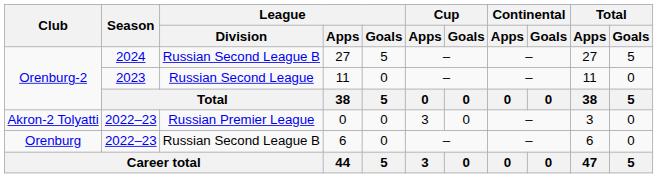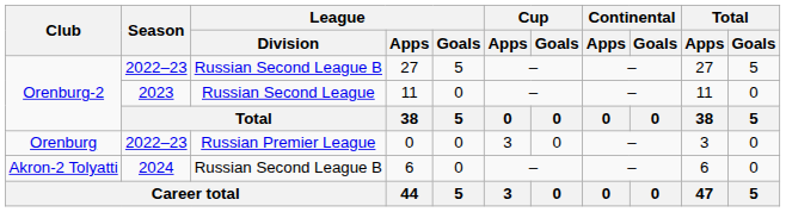 <table class="wikitable" style="text-align: center;">
 <tr>
 <th rowspan=2>Club</th>
 <th rowspan=2>Season</th>
 <th colspan=3>League</th>
 <th colspan=2>Cup</th>
 <th colspan=2>Continental</th>
 <th colspan=2>Total</th>
 </tr>
 <tr>
 <th>Division</th>
 <th>Apps</th>
 <th>Goals</th>
 <th>Apps</th>
 <th>Goals</th>
 <th>Apps</th>
 <th>Goals</th>
 <th>Apps</th>
 <th>Goals</th>
 </tr>
 <tr>
 <td rowspan="3"><a href='#'>Orenburg-2</a></td>
-<td><a href='#'>2024</a></td>
+<td><a href='#'>2022–23</a></td>
 <td><a href='#'>Russian Second League B</a></td>
 <td>27</td>
 <td>5</td>
 <td colspan=2>–</td>
 <td colspan=2>–</td>
 <td>27</td>
 <td>5</td>
 </tr>
 <tr>
 <td><a href='#'>2023</a></td>
 <td><a href='#'>Russian Second League</a></td>
 <td>11</td>
 <td>0</td>
 <td colspan=2>–</td>
 <td colspan=2>–</td>
 <td>11</td>
 <td>0</td>
 </tr>
 <tr>
 <th colspan=2>Total</th>
 <th>38</th>
 <th>5</th>
 <th>0</th>
 <th>0</th>
 <th>0</th>
 <th>0</th>
 <th>38</th>
 <th>5</th>
 </tr>
 <tr>
-<td><a href='#'>Akron-2 Tolyatti</a></td>
+<td><a href='#'>Orenburg</a></td>
 <td><a href='#'>2022–23</a></td>
 <td><a href='#'>Russian Premier League</a></td>
 <td>0</td>
 <td>0</td>
 <td>3</td>
 <td>0</td>
 <td colspan=2>–</td>
 <td>3</td>
 <td>0</td>
 </tr>
 <tr>
-<td><a href='#'>Orenburg</a></td>
-<td><a href='#'>2022–23</a></td>
+<td><a href='#'>Akron-2 Tolyatti</a></td>
+<td><a href='#'>2024</a></td>
 <td>Russian Second League B</td>
 <td>6</td>
 <td>0</td>
 <td colspan=2>–</td>
 <td colspan=2>–</td>
 <td>6</td>
 <td>0</td>
 </tr>
 <tr>
 <th colspan=3>Career total</th>
 <th>44</th>
 <th>5</th>
 <th>3</th>
 <th>0</th>
 <th>0</th>
 <th>0</th>
 <th>47</th>
 <th>5</th>
 </tr>
 </table>
